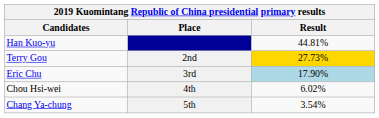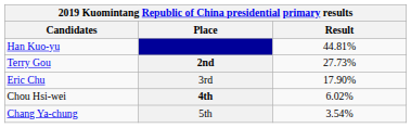 <table class="wikitable collapsible" style="margin:1em auto;">
 <tr>
 <th colspan="5" width=600>2019 Kuomintang <a href='#'>Republic of China presidential</a> <a href='#'>primary</a> results</th>
 </tr>
 <tr>
 <th width=80>Candidates</th>
 <th width=80>Place</th>
 <th width=80>Result</th>
 </tr>
 <tr>
 <td><a href='#'>Han Kuo-yu</a></td>
 <td style="background: #000099; text-align:center"><strong></strong></td>
 <td style="text-align:center">44.81%</td>
 </tr>
 <tr>
 <td><a href='#'>Terry Gou</a></td>
-<td style="background: #f1f1f1; text-align:center">2nd</td>
-<td style="background: gold; text-align:center">27.73%</td>
+<td style="background: #f1f1f1; text-align:center"><strong>2nd</strong></td>
+<td style="text-align:center">27.73%</td>
 </tr>
 <tr>
 <td><a href='#'>Eric Chu</a></td>
 <td style="background: #f1f1f1; text-align:center">3rd</td>
-<td style="background: lightblue; text-align:center">17.90%</td>
+<td style="text-align:center">17.90%</td>
 </tr>
 <tr>
 <td>Chou Hsi-wei</td>
-<td style="background: #f1f1f1; text-align:center">4th</td>
+<td style="background: #f1f1f1; text-align:center"><strong>4th</strong></td>
 <td style="text-align:center">6.02%</td>
 </tr>
 <tr>
 <td><a href='#'>Chang Ya-chung</a></td>
 <td style="background: #f1f1f1; text-align:center">5th</td>
 <td style="text-align:center">3.54%</td>
 </tr>
 </table>
